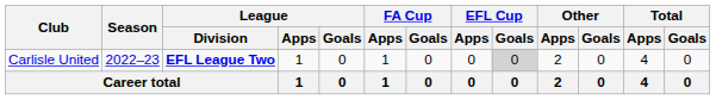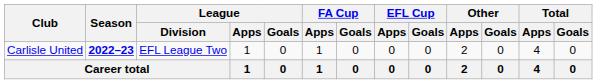 <table class="wikitable" style="text-align:center;">
 <tr>
 <th rowspan="2">Club</th>
 <th rowspan="2">Season</th>
 <th colspan="3">League</th>
 <th colspan="2"><a href='#'>FA Cup</a></th>
 <th colspan="2"><a href='#'>EFL Cup</a></th>
 <th colspan="2">Other</th>
 <th colspan="2">Total</th>
 </tr>
 <tr>
 <th>Division</th>
 <th>Apps</th>
 <th>Goals</th>
 <th>Apps</th>
 <th>Goals</th>
 <th>Apps</th>
 <th>Goals</th>
 <th>Apps</th>
 <th>Goals</th>
 <th>Apps</th>
 <th>Goals</th>
 </tr>
 <tr>
 <td><a href='#'>Carlisle United</a></td>
-<td><a href='#'>2022–23</a></td>
-<td><strong><a href='#'>EFL League Two</a></strong></td>
+<td><strong><a href='#'>2022–23</a></strong></td>
+<td><a href='#'>EFL League Two</a></td>
 <td>1</td>
 <td>0</td>
 <td>1</td>
 <td>0</td>
 <td>0</td>
-<td style="background: lightgrey;">0</td>
+<td>0</td>
 <td>2</td>
 <td>0</td>
 <td>4</td>
 <td>0</td>
 </tr>
 <tr>
 <th colspan="3">Career total</th>
 <th>1</th>
 <th>0</th>
 <th>1</th>
 <th>0</th>
 <th>0</th>
 <th>0</th>
 <th>2</th>
 <th>0</th>
 <th>4</th>
 <th>0</th>
 </tr>
 </table>
